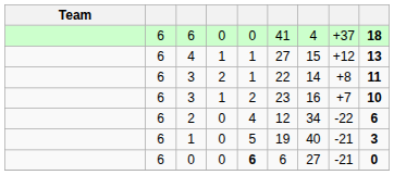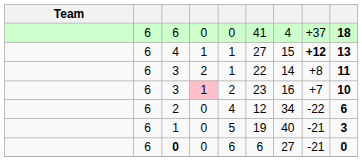 <table class="wikitable" style="text-align:center;">
 <tr>
 <th width="165">Team</th>
 <th width="30"></th>
 <th width="30"></th>
 <th width="30"></th>
 <th width="30"></th>
 <th width="30"></th>
 <th width="30"></th>
 <th width="30"></th>
 <th width="30"></th>
 </tr>
 <tr style="background:#CCFFCC">
 <td align=left></td>
 <td>6</td>
 <td>6</td>
 <td>0</td>
 <td>0</td>
 <td>41</td>
 <td>4</td>
 <td>+37</td>
 <td><strong>18</strong></td>
 </tr>
 <tr>
 <td align=left></td>
 <td>6</td>
 <td>4</td>
 <td>1</td>
 <td>1</td>
 <td>27</td>
 <td>15</td>
-<td>+12</td>
+<td><strong>+12</strong></td>
 <td><strong>13</strong></td>
 </tr>
 <tr>
 <td align=left></td>
 <td>6</td>
 <td>3</td>
 <td>2</td>
 <td>1</td>
 <td>22</td>
 <td>14</td>
 <td>+8</td>
 <td><strong>11</strong></td>
 </tr>
 <tr>
 <td align=left></td>
 <td>6</td>
 <td>3</td>
-<td>1</td>
+<td style="background: pink;">1</td>
 <td>2</td>
 <td>23</td>
 <td>16</td>
 <td>+7</td>
 <td><strong>10</strong></td>
 </tr>
 <tr>
 <td align=left></td>
 <td>6</td>
 <td>2</td>
 <td>0</td>
 <td>4</td>
 <td>12</td>
 <td>34</td>
 <td>-22</td>
 <td><strong>6</strong></td>
 </tr>
 <tr>
 <td align=left></td>
 <td>6</td>
 <td>1</td>
 <td>0</td>
 <td>5</td>
 <td>19</td>
 <td>40</td>
 <td>-21</td>
 <td><strong>3</strong></td>
 </tr>
 <tr>
 <td align=left></td>
 <td>6</td>
+<td><strong>0</strong></td>
 <td>0</td>
-<td>0</td>
-<td><strong>6</strong></td>
+<td>6</td>
 <td>6</td>
 <td>27</td>
 <td>-21</td>
 <td><strong>0</strong></td>
 </tr>
 <tr>
 </tr>
 </table>
